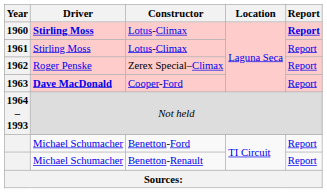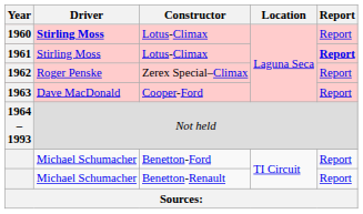 <table class="wikitable" style="font-size: 95%;">
 <tr>
 <th>Year</th>
 <th>Driver</th>
 <th>Constructor</th>
 <th>Location</th>
 <th>Report</th>
 </tr>
 <tr style="background-color:#ffcccc">
 <th>1960</th>
 <td><strong> <a href='#'>Stirling Moss</a></strong></td>
 <td><a href='#'>Lotus</a>-<a href='#'>Climax</a></td>
 <td rowspan="4"><a href='#'>Laguna Seca</a></td>
-<td><strong><a href='#'>Report</a></strong></td>
+<td><a href='#'>Report</a></td>
 </tr>
 <tr style="background-color:#ffcccc">
 <th>1961</th>
 <td> <a href='#'>Stirling Moss</a></td>
 <td><a href='#'>Lotus</a>-<a href='#'>Climax</a></td>
-<td><a href='#'>Report</a></td>
+<td><strong><a href='#'>Report</a></strong></td>
 </tr>
 <tr style="background-color:#ffcccc">
 <th>1962</th>
 <td> <a href='#'>Roger Penske</a></td>
 <td>Zerex Special–<a href='#'>Climax</a></td>
 <td><a href='#'>Report</a></td>
 </tr>
 <tr style="background-color:#ffcccc">
 <th>1963</th>
-<td><strong> <a href='#'>Dave MacDonald</a></strong></td>
+<td> <a href='#'>Dave MacDonald</a></td>
 <td><a href='#'>Cooper</a>-<a href='#'>Ford</a></td>
 <td><a href='#'>Report</a></td>
 </tr>
 <tr style="background:#DDDDDD;">
 <th>1964<br>–<br>1993</th>
 <td align=center colspan=4><em>Not held</em></td>
 </tr>
 <tr>
 <th></th>
 <td> <a href='#'>Michael Schumacher</a></td>
 <td><a href='#'>Benetton</a>-<a href='#'>Ford</a></td>
 <td rowspan="2"><a href='#'>TI Circuit</a></td>
 <td><a href='#'>Report</a></td>
 </tr>
 <tr>
 <th></th>
 <td> <a href='#'>Michael Schumacher</a></td>
 <td><a href='#'>Benetton</a>-<a href='#'>Renault</a></td>
 <td><a href='#'>Report</a></td>
 </tr>
 <tr>
 <th colspan="5">Sources:</th>
 </tr>
 </table>
